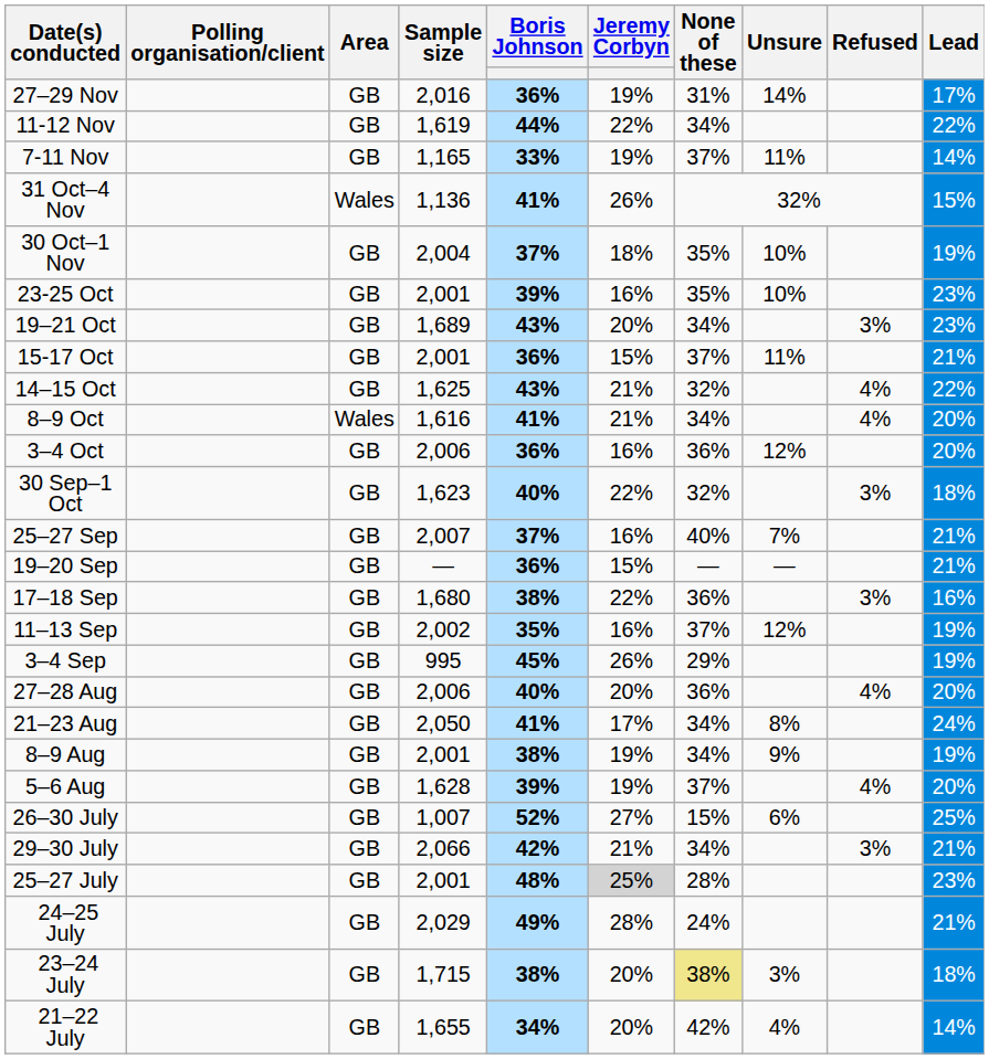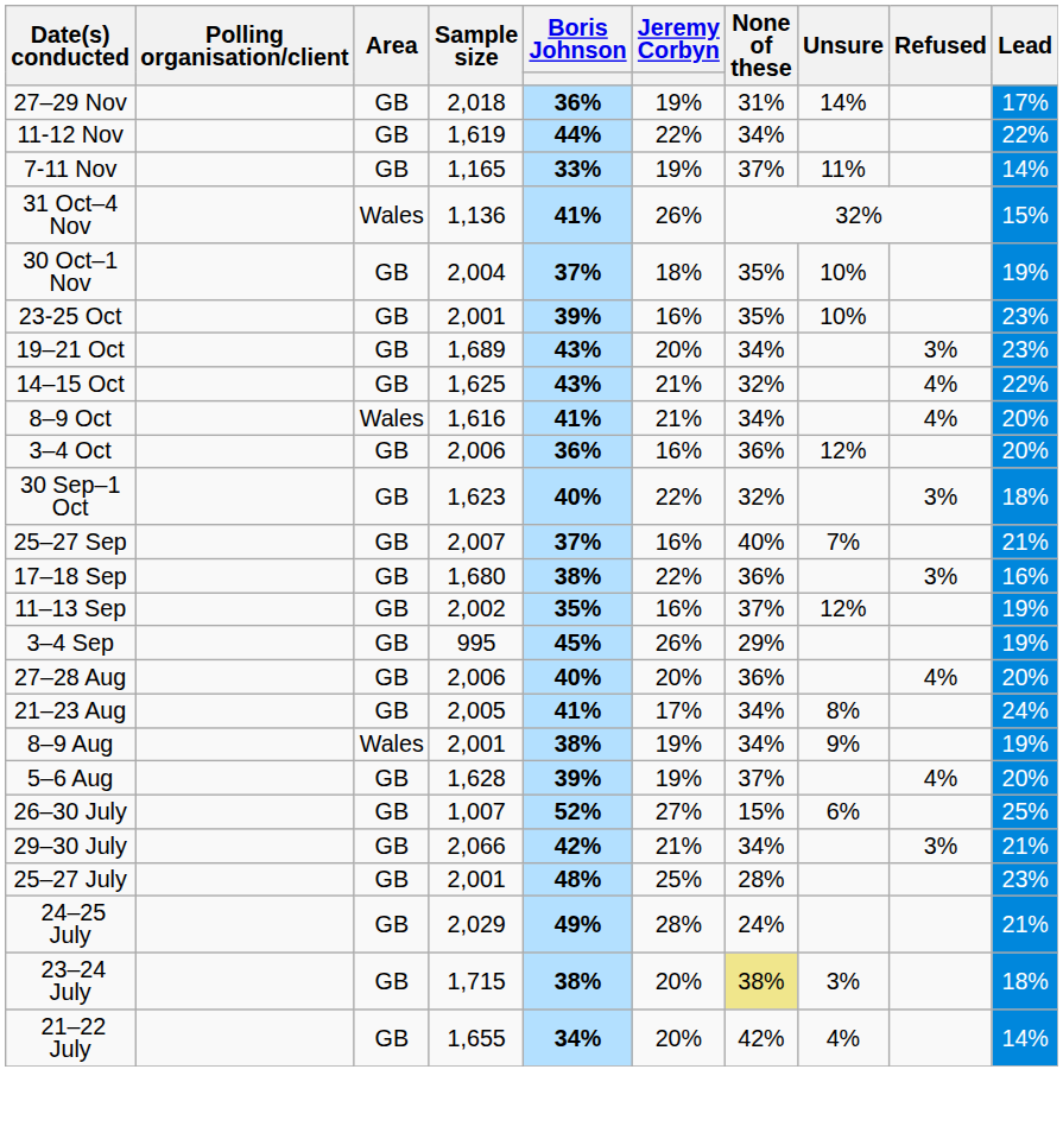 <table class="wikitable collapsible sortable" style="text-align:center;font-size:90%;line-height:14px">
 <tr>
 <th style="width:80px;" rowspan="2" class="unsortable">Date(s)<br>conducted</th>
 <th style="width:200px;" rowspan="2">Polling organisation/client</th>
 <th style="width:60px;" rowspan="2">Area</th>
 <th style="width:60px;" rowspan="2">Sample size</th>
 <th style="width:60px;" class="unsortable"><a href='#'>Boris Johnson</a></th>
 <th style="width:60px;" class="unsortable"><a href='#'>Jeremy Corbyn</a></th>
 <th style="width:60px;" rowspan="2" class="unsortable">None of these</th>
 <th style="width:60px;" rowspan="2" class="unsortable">Unsure</th>
 <th style="width:60px;" rowspan="2" class="unsortable">Refused</th>
 <th class="unsortable" style="width:20px;" rowspan="2">Lead</th>
 </tr>
 <tr>
 <th class="unsortable" style="color:inherit;background:"></th>
 <th class="unsortable" style="color:inherit;background:"></th>
 </tr>
 <tr>
 <td>27–29 Nov</td>
 <td></td>
 <td>GB</td>
-<td>2,016</td>
+<td>2,018</td>
 <td style="background:#B3E0FF"><strong>36%</strong></td>
 <td>19%</td>
 <td>31%</td>
 <td>14%</td>
 <td></td>
 <td style="background:#0087DC; color:white;">17%</td>
 </tr>
 <tr>
 <td>11-12 Nov</td>
 <td></td>
 <td>GB</td>
 <td>1,619</td>
 <td style="background:#B3E0FF"><strong>44%</strong></td>
 <td>22%</td>
 <td>34%</td>
 <td></td>
 <td></td>
 <td style="background:#0087DC; color:white;">22%</td>
 </tr>
 <tr>
 <td>7-11 Nov</td>
 <td> </td>
 <td>GB</td>
 <td>1,165</td>
 <td style="background:#B3E0FF"><strong>33%</strong></td>
 <td>19%</td>
 <td>37%</td>
 <td>11%</td>
 <td></td>
 <td style="background:#0087DC; color:white;">14%</td>
 </tr>
 <tr>
 <td>31 Oct–4 Nov</td>
 <td></td>
 <td>Wales</td>
 <td>1,136</td>
 <td style="background:#B3E0FF"><strong>41%</strong></td>
 <td>26%</td>
 <td colspan="3">32%</td>
 <td style="background:#0087DC; color:white;">15%</td>
 </tr>
 <tr>
 <td>30 Oct–1 Nov</td>
 <td> </td>
 <td>GB</td>
 <td>2,004</td>
 <td style="background:#B3E0FF"><strong>37%</strong></td>
 <td>18%</td>
 <td>35%</td>
 <td>10%</td>
 <td></td>
 <td style="background:#0087DC; color:white;">19%</td>
 </tr>
 <tr>
 <td>23-25 Oct</td>
 <td> </td>
 <td>GB</td>
 <td>2,001</td>
 <td style="background:#B3E0FF"><strong>39%</strong></td>
 <td>16%</td>
 <td>35%</td>
 <td>10%</td>
 <td></td>
 <td style="background:#0087DC; color:white;">23%</td>
 </tr>
 <tr>
 <td>19–21 Oct</td>
 <td></td>
 <td>GB</td>
 <td>1,689</td>
 <td style="background:#B3E0FF"><strong>43%</strong></td>
 <td>20%</td>
 <td>34%</td>
 <td></td>
 <td>3%</td>
 <td style="background:#0087DC; color:white;">23%</td>
 </tr>
 <tr>
-<td>15-17 Oct</td>
-<td> </td>
-<td>GB</td>
-<td>2,001</td>
-<td style="background:#B3E0FF"><strong>36%</strong></td>
-<td>15%</td>
-<td>37%</td>
-<td>11%</td>
-<td></td>
-<td style="background:#0087DC; color:white;">21%</td>
-</tr>
-<tr>
 <td>14–15 Oct</td>
 <td></td>
 <td>GB</td>
 <td>1,625</td>
 <td style="background:#B3E0FF"><strong>43%</strong></td>
 <td>21%</td>
 <td>32%</td>
 <td></td>
 <td>4%</td>
 <td style="background:#0087DC; color:white;">22%</td>
 </tr>
 <tr>
 <td>8–9 Oct</td>
 <td></td>
 <td>Wales</td>
 <td>1,616</td>
 <td style="background:#B3E0FF"><strong>41%</strong></td>
 <td>21%</td>
 <td>34%</td>
 <td></td>
 <td>4%</td>
 <td style="background:#0087DC; color:white;">20%</td>
 </tr>
 <tr>
 <td>3–4 Oct</td>
 <td> </td>
 <td>GB</td>
 <td>2,006</td>
 <td style="background:#B3E0FF"><strong>36%</strong></td>
 <td>16%</td>
 <td>36%</td>
 <td>12%</td>
 <td></td>
 <td style="background:#0087DC; color:white;">20%</td>
 </tr>
 <tr>
 <td>30 Sep–1 Oct</td>
 <td></td>
 <td>GB</td>
 <td>1,623</td>
 <td style="background:#B3E0FF"><strong>40%</strong></td>
 <td>22%</td>
 <td>32%</td>
 <td></td>
 <td>3%</td>
 <td style="background:#0087DC; color:white;">18%</td>
 </tr>
 <tr>
 <td>25–27 Sep</td>
 <td> </td>
 <td>GB</td>
 <td>2,007</td>
 <td style="background:#B3E0FF"><strong>37%</strong></td>
 <td>16%</td>
 <td>40%</td>
 <td>7%</td>
 <td></td>
 <td style="background:#0087DC; color:white;">21%</td>
 </tr>
 <tr>
-<td>19–20 Sep</td>
-<td></td>
-<td>GB</td>
-<td>—</td>
-<td style="background:#B3E0FF"><strong>36%</strong></td>
-<td>15%</td>
-<td>—</td>
-<td>—</td>
-<td></td>
-<td style="background:#0087DC; color:white;">21%</td>
-</tr>
-<tr>
 <td>17–18 Sep</td>
 <td></td>
 <td>GB</td>
 <td>1,680</td>
 <td style="background:#B3E0FF"><strong>38%</strong></td>
 <td>22%</td>
 <td>36%</td>
 <td></td>
 <td>3%</td>
 <td style="background:#0087DC; color:white;">16%</td>
 </tr>
 <tr>
 <td>11–13 Sep</td>
 <td></td>
 <td>GB</td>
 <td>2,002</td>
 <td style="background:#B3E0FF"><strong>35%</strong></td>
 <td>16%</td>
 <td>37%</td>
 <td>12%</td>
 <td></td>
 <td style="background:#0087DC; color:white;">19%</td>
 </tr>
 <tr>
 <td>3–4 Sep</td>
 <td> </td>
 <td>GB</td>
 <td>995</td>
 <td style="background:#B3E0FF"><strong>45%</strong></td>
 <td>26%</td>
 <td>29%</td>
 <td></td>
 <td></td>
 <td style="background:#0087DC; color:white;">19%</td>
 </tr>
 <tr>
 <td>27–28 Aug</td>
 <td></td>
 <td>GB</td>
 <td>2,006</td>
 <td style="background:#B3E0FF"><strong>40%</strong></td>
 <td>20%</td>
 <td>36%</td>
 <td></td>
 <td>4%</td>
 <td style="background:#0087DC; color:white;">20%</td>
 </tr>
 <tr>
 <td>21–23 Aug</td>
 <td></td>
 <td>GB</td>
-<td>2,050</td>
+<td>2,005</td>
 <td style="background:#B3E0FF"><strong>41%</strong></td>
 <td>17%</td>
 <td>34%</td>
 <td>8%</td>
 <td></td>
 <td style="background:#0087DC; color:white;">24%</td>
 </tr>
 <tr>
 <td>8–9 Aug</td>
 <td> </td>
-<td>GB</td>
+<td>Wales</td>
 <td>2,001</td>
 <td style="background:#B3E0FF"><strong>38%</strong></td>
 <td>19%</td>
 <td>34%</td>
 <td>9%</td>
 <td></td>
 <td style="background:#0087DC; color:white;">19%</td>
 </tr>
 <tr>
 <td>5–6 Aug</td>
 <td></td>
 <td>GB</td>
 <td>1,628</td>
 <td style="background:#B3E0FF"><strong>39%</strong></td>
 <td>19%</td>
 <td>37%</td>
 <td></td>
 <td>4%</td>
 <td style="background:#0087DC; color:white;">20%</td>
 </tr>
 <tr>
 <td>26–30 July</td>
 <td></td>
 <td>GB</td>
 <td>1,007</td>
 <td style="background:#B3E0FF"><strong>52%</strong></td>
 <td>27%</td>
 <td>15%</td>
 <td>6%</td>
 <td></td>
 <td style="background:#0087DC; color:white;">25%</td>
 </tr>
 <tr>
 <td>29–30 July</td>
 <td></td>
 <td>GB</td>
 <td>2,066</td>
 <td style="background:#B3E0FF"><strong>42%</strong></td>
 <td>21%</td>
 <td>34%</td>
 <td></td>
 <td>3%</td>
 <td style="background:#0087DC; color:white;">21%</td>
 </tr>
 <tr>
 <td>25–27 July</td>
 <td></td>
 <td>GB</td>
 <td>2,001</td>
 <td style="background:#B3E0FF"><strong>48%</strong></td>
-<td style="background: lightgrey;">25%</td>
+<td>25%</td>
 <td>28%</td>
 <td></td>
 <td></td>
 <td style="background:#0087DC; color:white;">23%</td>
 </tr>
 <tr>
 <td> 24–25 July</td>
 <td></td>
 <td>GB</td>
 <td>2,029</td>
 <td style="background:#B3E0FF"><strong>49%</strong></td>
 <td>28%</td>
 <td>24%</td>
 <td></td>
 <td></td>
 <td style="background:#0087DC; color:white;">21%</td>
 </tr>
 <tr>
 <td> 23–24 July</td>
 <td></td>
 <td>GB</td>
 <td>1,715</td>
 <td style="background:#B3E0FF"><strong>38%</strong></td>
 <td>20%</td>
 <td style="background: khaki;">38%</td>
 <td>3%</td>
 <td></td>
 <td style="background:#0087DC; color:white;">18%</td>
 </tr>
 <tr>
 <td> 21–22 July</td>
 <td></td>
 <td>GB</td>
 <td>1,655</td>
 <td style="background:#B3E0FF"><strong>34%</strong></td>
 <td>20%</td>
 <td>42%</td>
 <td>4%</td>
 <td></td>
 <td style="background:#0087DC; color:white;">14%</td>
 </tr>
 </table>
